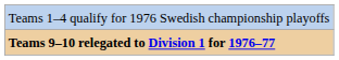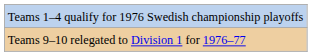 <table class="wikitable">
 <tr bgcolor="#BCD2EE">
 <td><small>Teams 1–4 qualify for 1976 Swedish championship playoffs</small></td>
 </tr>
 <tr bgcolor="#EECFA1">
-<td><strong><small>Teams 9–10 relegated to <a href='#'>Division 1</a> for <a href='#'>1976–77</a></small></strong></td>
+<td><small>Teams 9–10 relegated to <a href='#'>Division 1</a> for <a href='#'>1976–77</a></small></td>
 </tr>
 </table>
